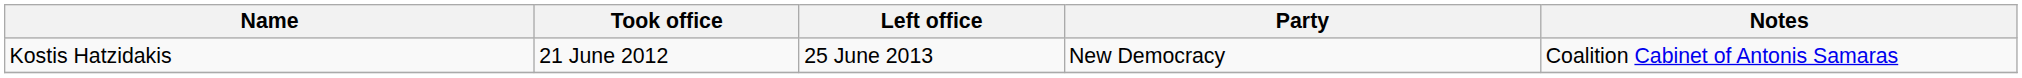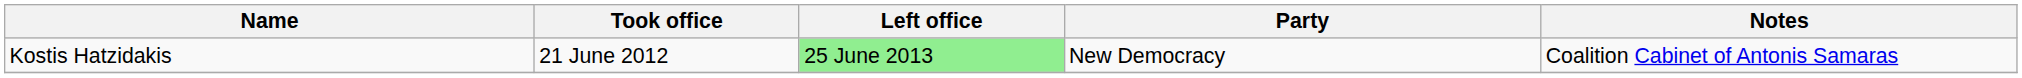 <table class="wikitable">
 <tr>
 <th width="20%">Name</th>
 <th width="10%">Took office</th>
 <th width="10%">Left office</th>
 <th width="18%">Party</th>
 <th width="18%">Notes</th>
 </tr>
 <tr>
 <td>Kostis Hatzidakis</td>
 <td>21 June 2012</td>
-<td>25 June 2013</td>
+<td style="background: lightgreen;">25 June 2013</td>
 <td>New Democracy</td>
 <td>Coalition <a href='#'>Cabinet of Antonis Samaras</a></td>
 </tr>
 <tr>
 </tr>
 </table>
